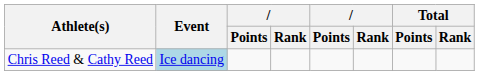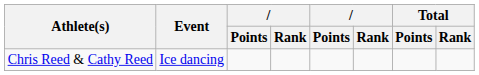 <table class="wikitable">
 <tr>
 <th rowspan="2">Athlete(s)</th>
 <th rowspan="2">Event</th>
 <th colspan="2">/</th>
 <th colspan="2">/</th>
 <th colspan="2">Total</th>
 </tr>
 <tr>
 <th>Points</th>
 <th>Rank</th>
 <th>Points</th>
 <th>Rank</th>
 <th>Points</th>
 <th>Rank</th>
 </tr>
 <tr>
 <td><a href='#'>Chris Reed</a> & <a href='#'>Cathy Reed</a></td>
-<td style="background: lightblue;"><a href='#'>Ice dancing</a></td>
+<td><a href='#'>Ice dancing</a></td>
 <td></td>
 <td></td>
 <td></td>
 <td></td>
 <td></td>
 <td></td>
 </tr>
 </table>
